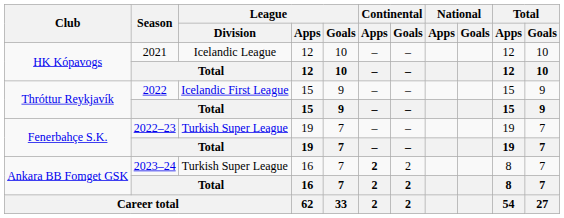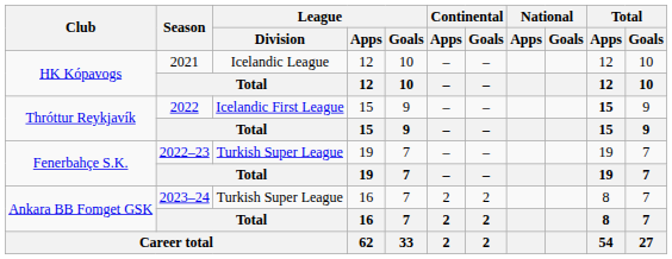 <table class="wikitable" style="text-align: center;">
 <tr>
 <th rowspan=2>Club</th>
 <th rowspan=2>Season</th>
 <th colspan=3>League</th>
 <th colspan=2>Continental</th>
 <th colspan=2>National</th>
 <th colspan=2>Total</th>
 </tr>
 <tr>
 <th>Division</th>
 <th>Apps</th>
 <th>Goals</th>
 <th>Apps</th>
 <th>Goals</th>
 <th>Apps</th>
 <th>Goals</th>
 <th>Apps</th>
 <th>Goals</th>
 </tr>
 <tr>
 <td rowspan=2><a href='#'>HK Kópavogs</a></td>
 <td>2021</td>
 <td>Icelandic League</td>
 <td>12</td>
 <td>10</td>
 <td>–</td>
 <td>–</td>
 <td></td>
 <td></td>
 <td>12</td>
 <td>10</td>
 </tr>
 <tr>
 <th colspan=2>Total</th>
 <th>12</th>
 <th>10</th>
 <th>–</th>
 <th>–</th>
 <th></th>
 <th></th>
 <th>12</th>
 <th>10</th>
 </tr>
 <tr>
 <td rowspan=2><a href='#'>Thróttur Reykjavík</a></td>
 <td><a href='#'>2022</a></td>
 <td><a href='#'>Icelandic First League</a></td>
 <td>15</td>
 <td>9</td>
 <td>–</td>
 <td>–</td>
 <td></td>
 <td></td>
-<td>15</td>
+<td><strong>15</strong></td>
 <td>9</td>
 </tr>
 <tr>
 <th colspan=2>Total</th>
 <th>15</th>
 <th>9</th>
 <th>–</th>
 <th>–</th>
 <th></th>
 <th></th>
 <th>15</th>
 <th>9</th>
 </tr>
 <tr>
 <td rowspan=2><a href='#'>Fenerbahçe S.K.</a></td>
 <td><a href='#'>2022–23</a></td>
 <td><a href='#'>Turkish Super League</a></td>
 <td>19</td>
 <td>7</td>
 <td>–</td>
 <td>–</td>
 <td></td>
 <td></td>
 <td>19</td>
 <td>7</td>
 </tr>
 <tr>
 <th colspan=2>Total</th>
 <th>19</th>
 <th>7</th>
 <th>–</th>
 <th>–</th>
 <th></th>
 <th></th>
 <th>19</th>
 <th>7</th>
 </tr>
 <tr>
 <td rowspan=2><a href='#'>Ankara BB Fomget GSK</a></td>
 <td><a href='#'>2023–24</a></td>
 <td>Turkish Super League</td>
 <td>16</td>
 <td>7</td>
-<td><strong>2</strong></td>
+<td>2</td>
 <td>2</td>
 <td></td>
 <td></td>
 <td>8</td>
 <td>7</td>
 </tr>
 <tr>
 <th colspan=2>Total</th>
 <th>16</th>
 <th>7</th>
 <th>2</th>
 <th>2</th>
 <th></th>
 <th></th>
 <th>8</th>
 <th>7</th>
 </tr>
 <tr>
 <th colspan=3>Career total</th>
 <th>62</th>
 <th>33</th>
 <th>2</th>
 <th>2</th>
 <th></th>
 <th></th>
 <th>54</th>
 <th>27</th>
 </tr>
 </table>
